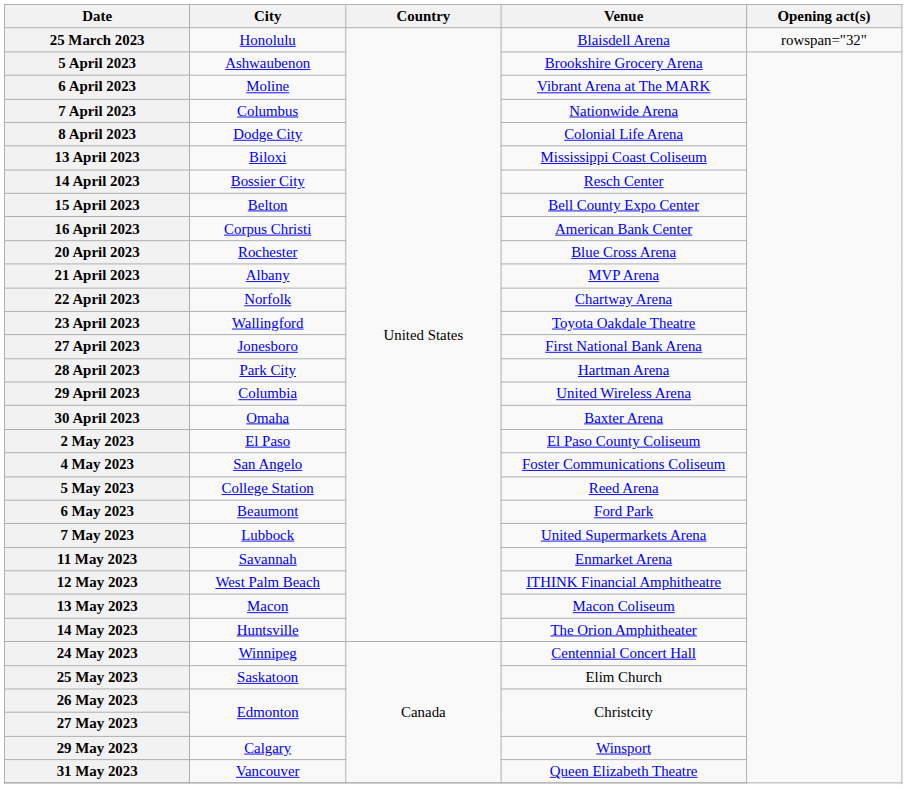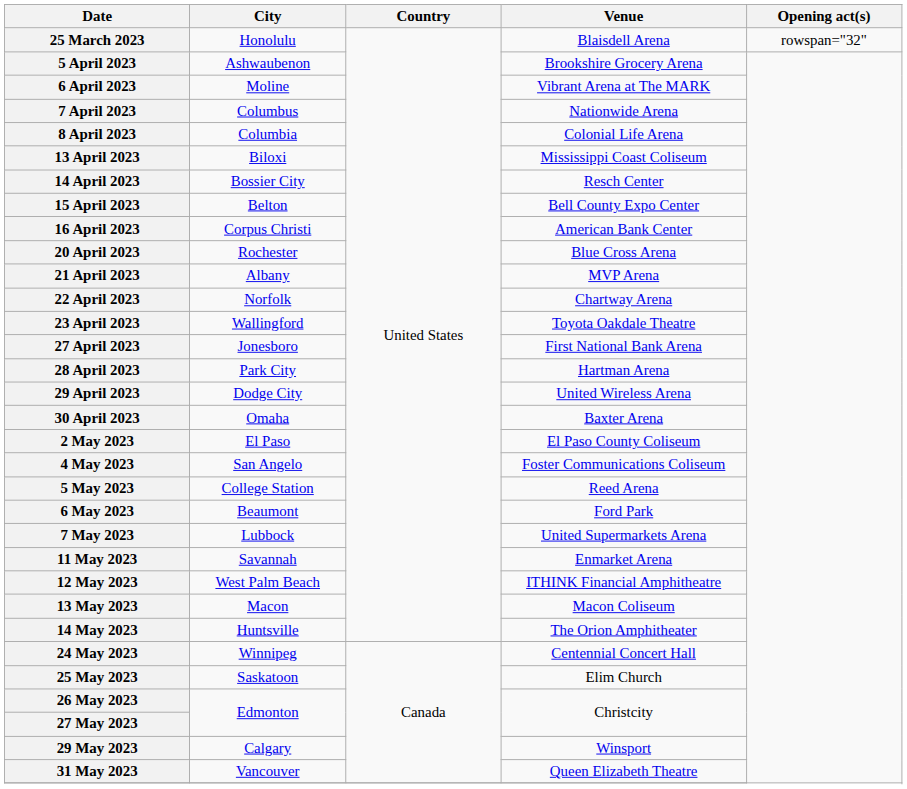 <table class="wikitable plainrowheaders" style="text-align:center;">
 <tr>
 <th scope="col" style="width:12em;">Date</th>
 <th scope="col" style="width:10em;">City</th>
 <th scope="col" style="width:10em;">Country</th>
 <th scope="col" style="width:16em;">Venue</th>
 <th scope="col" style="width:10em;">Opening act(s)</th>
 </tr>
 <tr>
 <th scope="row" style="text-align:center;">25 March 2023</th>
 <td><a href='#'>Honolulu</a></td>
 <td rowspan="26">United States</td>
 <td><a href='#'>Blaisdell Arena</a></td>
 <td>rowspan="32" </td>
 </tr>
 <tr>
 <th scope="row" style="text-align:center;">5 April 2023</th>
 <td><a href='#'>Ashwaubenon</a></td>
 <td><a href='#'>Brookshire Grocery Arena</a></td>
 </tr>
 <tr>
 <th scope="row" style="text-align:center;">6 April 2023</th>
 <td><a href='#'>Moline</a></td>
 <td><a href='#'>Vibrant Arena at The MARK</a></td>
 </tr>
 <tr>
 <th scope="row" style="text-align:center;">7 April 2023</th>
 <td><a href='#'>Columbus</a></td>
 <td><a href='#'>Nationwide Arena</a></td>
 </tr>
 <tr>
 <th scope="row" style="text-align:center;">8 April 2023</th>
-<td><a href='#'>Dodge City</a></td>
+<td><a href='#'>Columbia</a></td>
 <td><a href='#'>Colonial Life Arena</a></td>
 </tr>
 <tr>
 <th scope="row" style="text-align:center;">13 April 2023</th>
 <td><a href='#'>Biloxi</a></td>
 <td><a href='#'>Mississippi Coast Coliseum</a></td>
 </tr>
 <tr>
 <th scope="row" style="text-align:center;">14 April 2023</th>
 <td><a href='#'>Bossier City</a></td>
 <td><a href='#'>Resch Center</a></td>
 </tr>
 <tr>
 <th scope="row" style="text-align:center;">15 April 2023</th>
 <td><a href='#'>Belton</a></td>
 <td><a href='#'>Bell County Expo Center</a></td>
 </tr>
 <tr>
 <th scope="row" style="text-align:center;">16 April 2023</th>
 <td><a href='#'>Corpus Christi</a></td>
 <td><a href='#'>American Bank Center</a></td>
 </tr>
 <tr>
 <th scope="row" style="text-align:center;">20 April 2023</th>
 <td><a href='#'>Rochester</a></td>
 <td><a href='#'>Blue Cross Arena</a></td>
 </tr>
 <tr>
 <th scope="row" style="text-align:center;">21 April 2023</th>
 <td><a href='#'>Albany</a></td>
 <td><a href='#'>MVP Arena</a></td>
 </tr>
 <tr>
 <th scope="row" style="text-align:center;">22 April 2023</th>
 <td><a href='#'>Norfolk</a></td>
 <td><a href='#'>Chartway Arena</a></td>
 </tr>
 <tr>
 <th scope="row" style="text-align:center;">23 April 2023</th>
 <td><a href='#'>Wallingford</a></td>
 <td><a href='#'>Toyota Oakdale Theatre</a></td>
 </tr>
 <tr>
 <th scope="row" style="text-align:center;">27 April 2023</th>
 <td><a href='#'>Jonesboro</a></td>
 <td><a href='#'>First National Bank Arena</a></td>
 </tr>
 <tr>
 <th scope="row" style="text-align:center;">28 April 2023</th>
 <td><a href='#'>Park City</a></td>
 <td><a href='#'>Hartman Arena</a></td>
 </tr>
 <tr>
 <th scope="row" style="text-align:center;">29 April 2023</th>
-<td><a href='#'>Columbia</a></td>
+<td><a href='#'>Dodge City</a></td>
 <td><a href='#'>United Wireless Arena</a></td>
 </tr>
 <tr>
 <th scope="row" style="text-align:center;">30 April 2023</th>
 <td><a href='#'>Omaha</a></td>
 <td><a href='#'>Baxter Arena</a></td>
 </tr>
 <tr>
 <th scope="row" style="text-align:center;">2 May 2023</th>
 <td><a href='#'>El Paso</a></td>
 <td><a href='#'>El Paso County Coliseum</a></td>
 </tr>
 <tr>
 <th scope="row" style="text-align:center;">4 May 2023</th>
 <td><a href='#'>San Angelo</a></td>
 <td><a href='#'>Foster Communications Coliseum</a></td>
 </tr>
 <tr>
 <th scope="row" style="text-align:center;">5 May 2023</th>
 <td><a href='#'>College Station</a></td>
 <td><a href='#'>Reed Arena</a></td>
 </tr>
 <tr>
 <th scope="row" style="text-align:center;">6 May 2023</th>
 <td><a href='#'>Beaumont</a></td>
 <td><a href='#'>Ford Park</a></td>
 </tr>
 <tr>
 <th scope="row" style="text-align:center;">7 May 2023</th>
 <td><a href='#'>Lubbock</a></td>
 <td><a href='#'>United Supermarkets Arena</a></td>
 </tr>
 <tr>
 <th scope="row" style="text-align:center;">11 May 2023</th>
 <td><a href='#'>Savannah</a></td>
 <td><a href='#'>Enmarket Arena</a></td>
 </tr>
 <tr>
 <th scope="row" style="text-align:center;">12 May 2023</th>
 <td><a href='#'>West Palm Beach</a></td>
 <td><a href='#'>ITHINK Financial Amphitheatre</a></td>
 </tr>
 <tr>
 <th scope="row" style="text-align:center;">13 May 2023</th>
 <td><a href='#'>Macon</a></td>
 <td><a href='#'>Macon Coliseum</a></td>
 </tr>
 <tr>
 <th scope="row" style="text-align:center;">14 May 2023</th>
 <td><a href='#'>Huntsville</a></td>
 <td><a href='#'>The Orion Amphitheater</a></td>
 </tr>
 <tr>
 <th scope="row" style="text-align:center;">24 May 2023</th>
 <td><a href='#'>Winnipeg</a></td>
 <td rowspan="6">Canada</td>
 <td><a href='#'>Centennial Concert Hall</a></td>
 </tr>
 <tr>
 <th scope="row" style="text-align:center;">25 May 2023</th>
 <td><a href='#'>Saskatoon</a></td>
 <td>Elim Church</td>
 </tr>
 <tr>
 <th scope="row" style="text-align:center;">26 May 2023</th>
 <td rowspan="2"><a href='#'>Edmonton</a></td>
 <td rowspan="2">Christcity</td>
 </tr>
 <tr>
 <th scope="row" style="text-align:center;">27 May 2023</th>
 </tr>
 <tr>
 <th scope="row" style="text-align:center;">29 May 2023</th>
 <td><a href='#'>Calgary</a></td>
 <td><a href='#'>Winsport</a></td>
 </tr>
 <tr>
 <th scope="row" style="text-align:center;">31 May 2023</th>
 <td><a href='#'>Vancouver</a></td>
 <td><a href='#'>Queen Elizabeth Theatre</a></td>
 </tr>
 <tr>
 </tr>
 </table>
